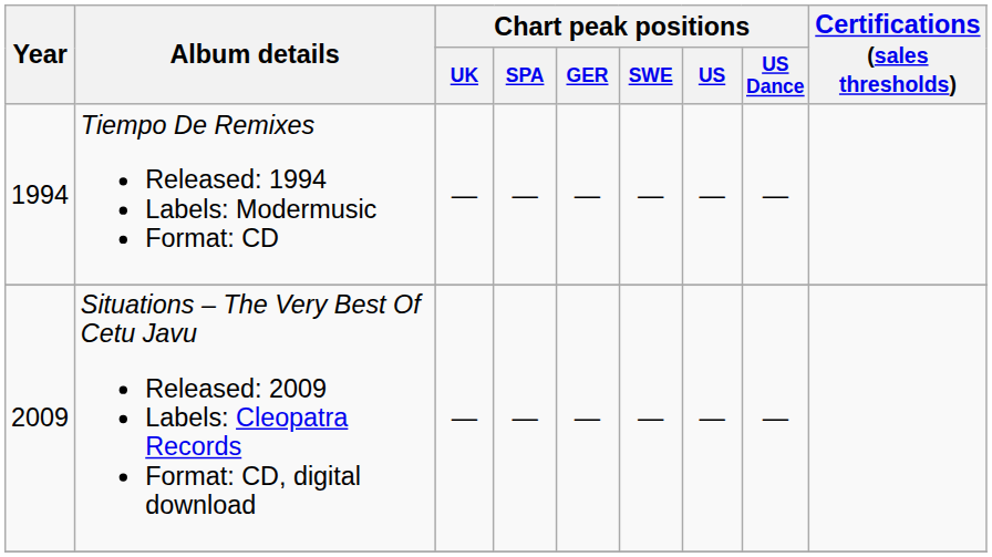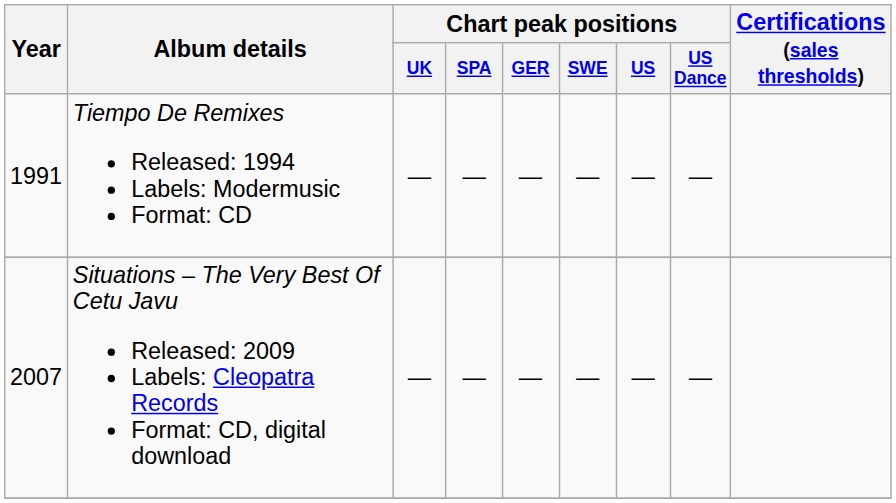 <table class="wikitable">
 <tr>
 <th rowspan="2">Year</th>
 <th rowspan="2" style="width:250px;">Album details</th>
 <th colspan="6">Chart peak positions</th>
 <th rowspan="2"><a href='#'>Certifications</a><br><small>(<a href='#'>sales thresholds</a>)</small></th>
 </tr>
 <tr>
 <th style="width:3em;font-size:75%;"><a href='#'>UK</a><br></th>
 <th style="width:3em;font-size:75%;"><a href='#'>SPA</a><br></th>
 <th style="width:3em;font-size:75%;"><a href='#'>GER</a><br></th>
 <th style="width:3em;font-size:75%;"><a href='#'>SWE</a><br></th>
 <th style="width:3em;font-size:75%;"><a href='#'>US</a><br></th>
 <th style="width:3em;font-size:75%;"><a href='#'>US Dance</a><br></th>
 </tr>
 <tr>
-<td>1994</td>
+<td>1991</td>
 <td><em>Tiempo De Remixes</em><br><ul><li>Released: 1994</li><li>Labels: Modermusic</li><li>Format: CD</li></ul></td>
 <td align="center">—</td>
 <td align="center">—</td>
 <td align="center">—</td>
 <td align="center">—</td>
 <td align="center">—</td>
 <td align="center">—</td>
 <td align="center"></td>
 </tr>
 <tr>
 </tr>
 <tr>
-<td>2009</td>
+<td>2007</td>
 <td><em>Situations – The Very Best Of Cetu Javu</em><br><ul><li>Released: 2009</li><li>Labels: <a href='#'>Cleopatra Records</a></li><li>Format: CD, digital download</li></ul></td>
 <td align="center">—</td>
 <td align="center">—</td>
 <td align="center">—</td>
 <td align="center">—</td>
 <td align="center">—</td>
 <td align="center">—</td>
 <td align="center"></td>
 </tr>
 <tr>
 </tr>
 </table>
